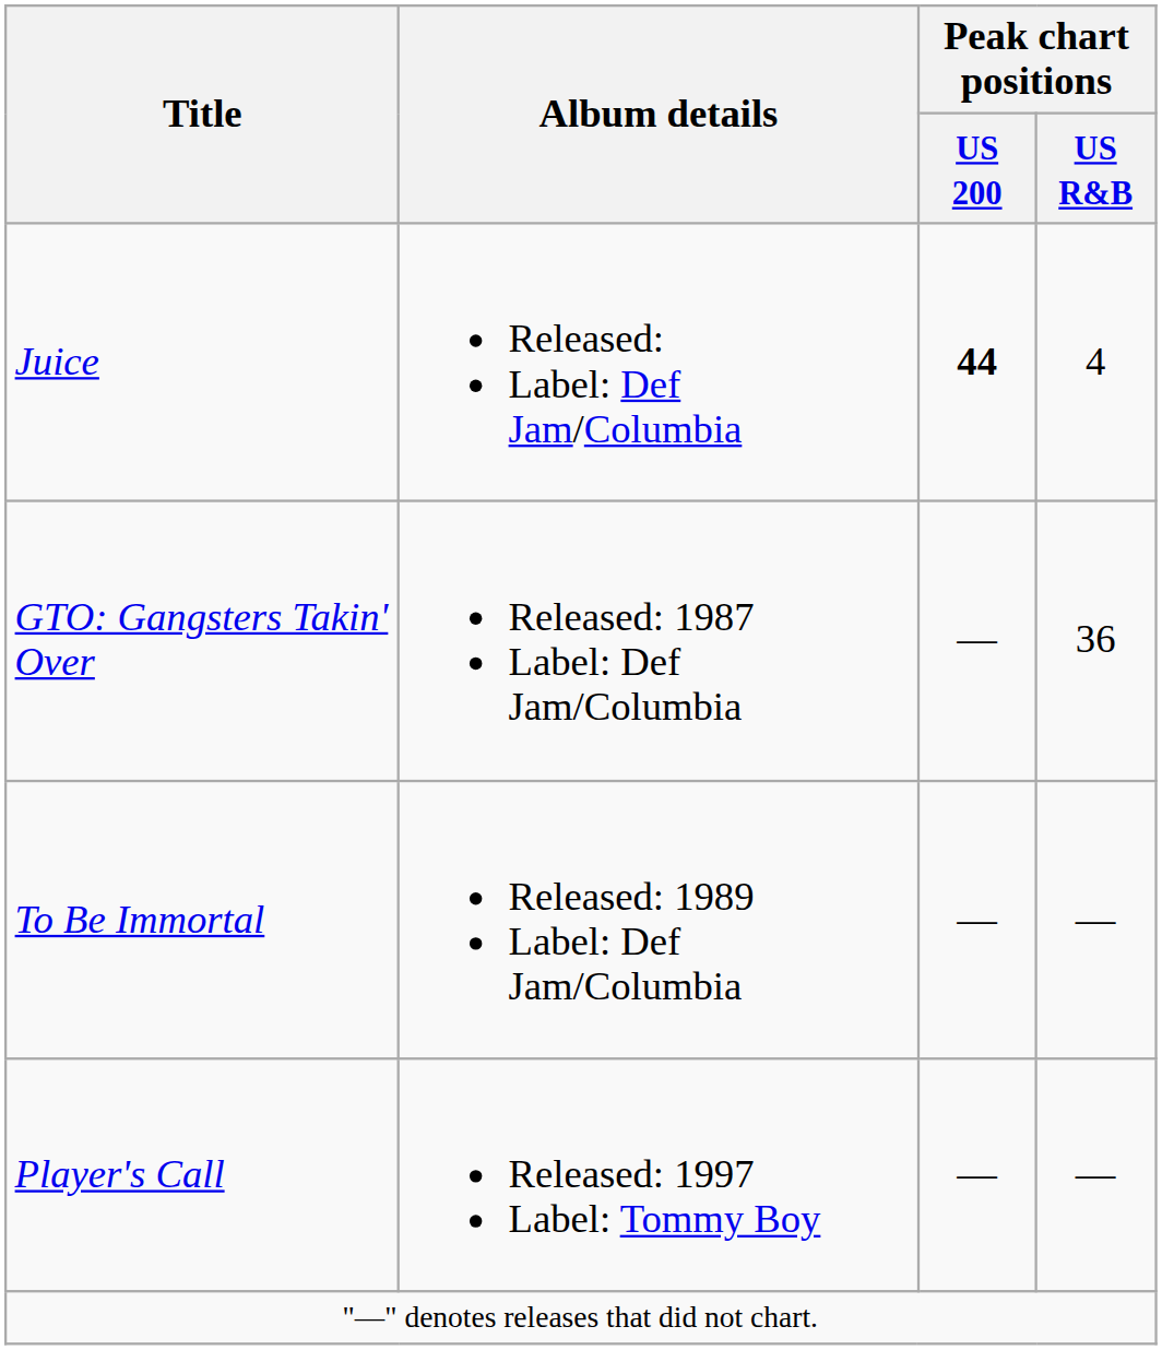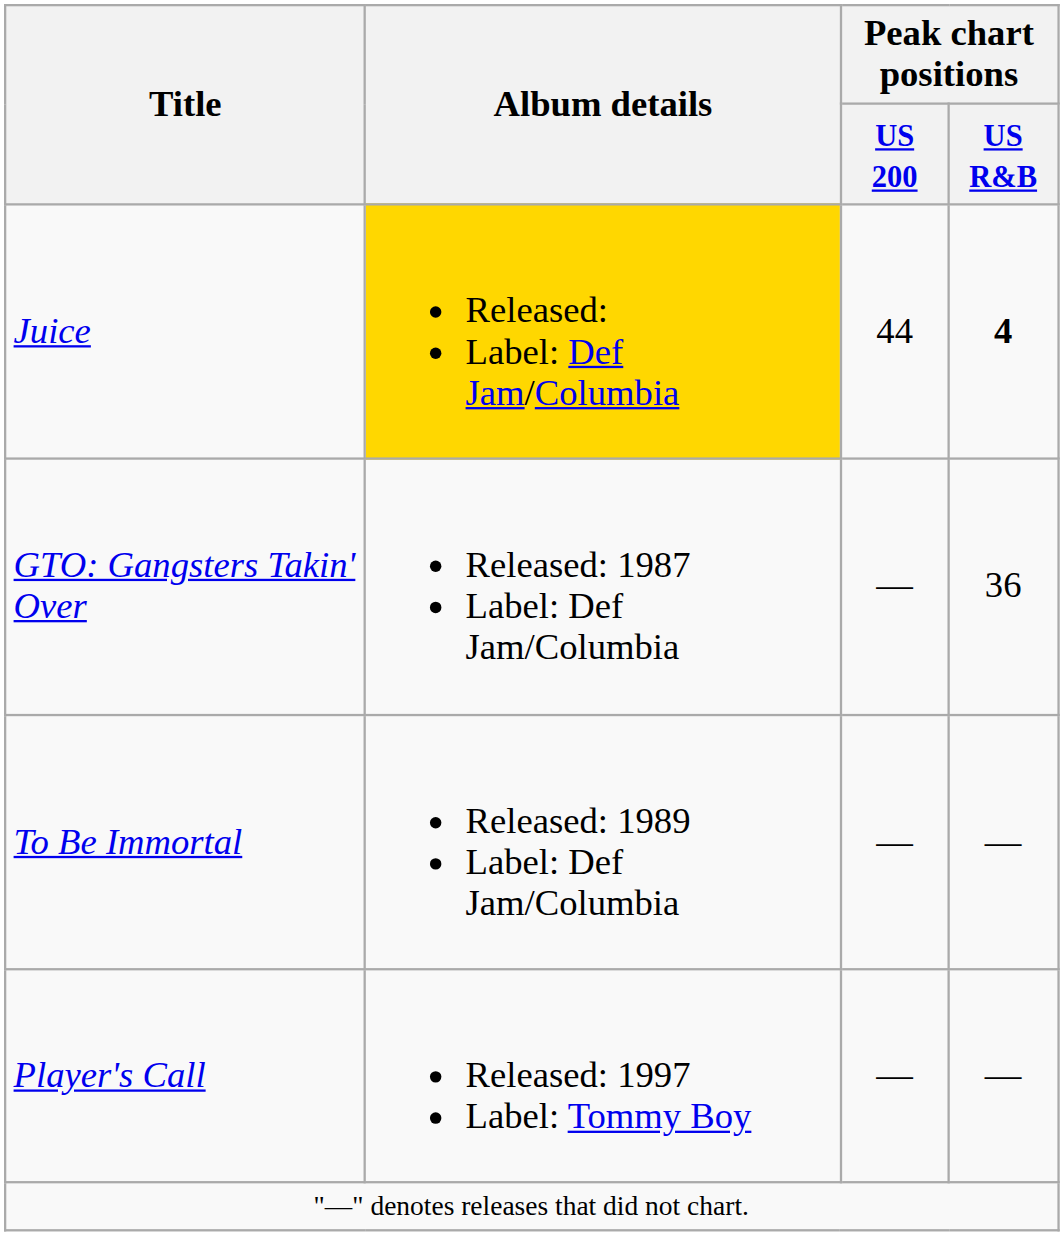 <table class="wikitable">
 <tr>
 <th align=center rowspan=2 width=150>Title</th>
 <th align=center rowspan=2 width=200>Album details</th>
 <th align=center colspan=2>Peak chart positions</th>
 </tr>
 <tr>
 <th width=40><small><a href='#'>US 200</a></small><br></th>
 <th width=40><small><a href='#'>US R&B</a></small><br></th>
 </tr>
 <tr>
 <td align=left><em><a href='#'>Juice</a></em></td>
-<td><br><ul><li>Released: </li><li>Label: <a href='#'>Def Jam</a>/<a href='#'>Columbia</a></li></ul></td>
-<td align=center><strong>44</strong></td>
-<td align=center>4</td>
+<td style="background: gold;"><br><ul><li>Released: </li><li>Label: <a href='#'>Def Jam</a>/<a href='#'>Columbia</a></li></ul></td>
+<td align=center>44</td>
+<td align=center><strong>4</strong></td>
 </tr>
 <tr>
 <td align=left valign=center><em><a href='#'>GTO: Gangsters Takin' Over</a></em></td>
 <td><br><ul><li>Released: 1987</li><li>Label: Def Jam/Columbia</li></ul></td>
 <td align=center>—</td>
 <td align=center>36</td>
 </tr>
 <tr>
 <td align=left><em><a href='#'>To Be Immortal</a></em></td>
 <td align=left><br><ul><li>Released: 1989</li><li>Label: Def Jam/Columbia</li></ul></td>
 <td align=center>—</td>
 <td align=center>—</td>
 </tr>
 <tr>
 <td align=left><em><a href='#'>Player's Call</a></em></td>
 <td><br><ul><li>Released: 1997</li><li>Label: <a href='#'>Tommy Boy</a></li></ul></td>
 <td align=center>—</td>
 <td align=center>—</td>
 </tr>
 <tr>
 <td colspan="8" style="text-align:center; font-size:9pt;">"—" denotes releases that did not chart.</td>
 </tr>
 </table>
